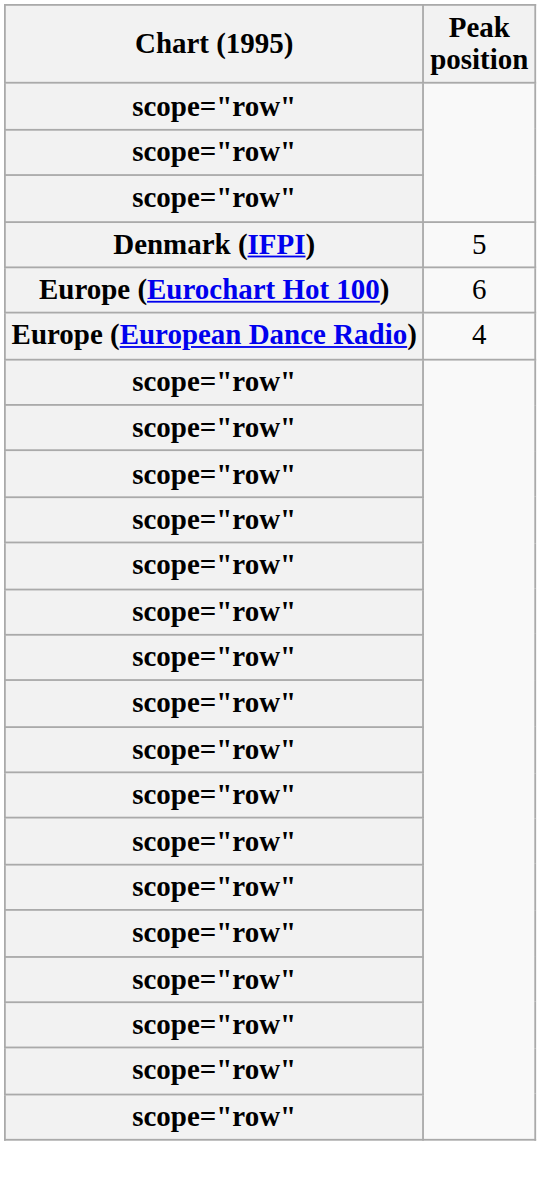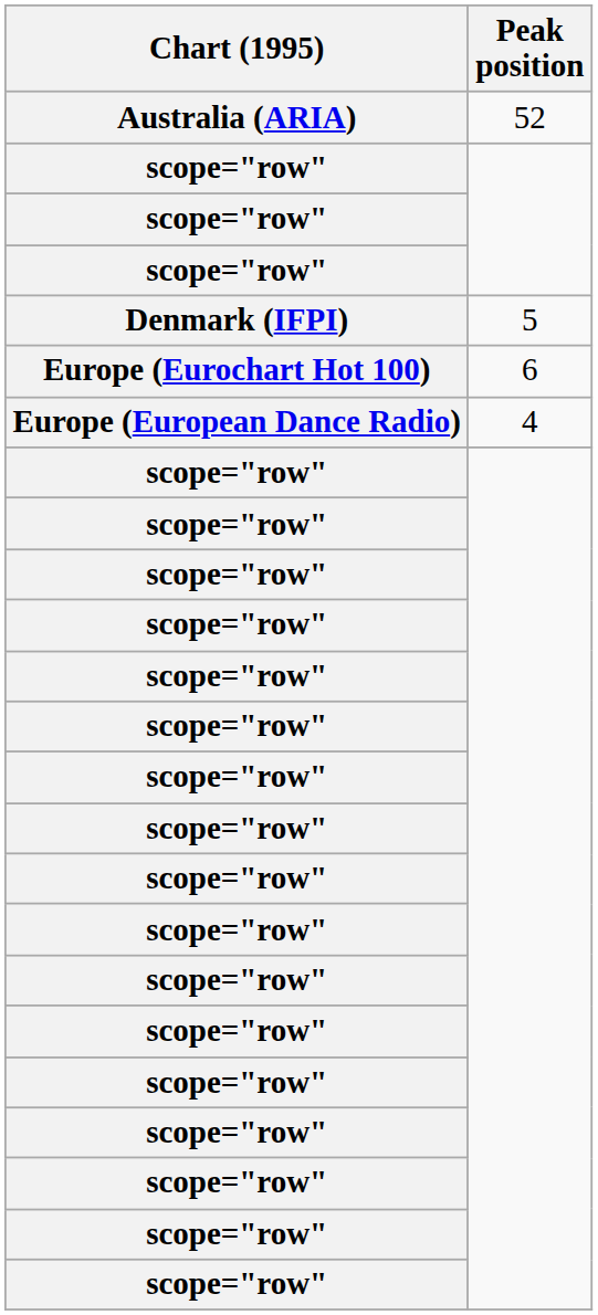 <table class="wikitable sortable plainrowheaders">
 <tr>
 <th>Chart (1995)</th>
 <th>Peak<br>position</th>
+</tr>
+<tr>
+<th scope="row">Australia (<a href='#'>ARIA</a>)</th>
+<td align="center">52</td>
 </tr>
 <tr>
 <th>scope="row" </th>
 </tr>
 <tr>
 <th>scope="row" </th>
 </tr>
 <tr>
 <th>scope="row" </th>
 </tr>
 <tr>
 <th scope="row">Denmark (<a href='#'>IFPI</a>)</th>
 <td align="center">5</td>
 </tr>
 <tr>
 <th scope="row">Europe (<a href='#'>Eurochart Hot 100</a>)</th>
 <td align="center">6</td>
 </tr>
 <tr>
 <th scope="row">Europe (<a href='#'>European Dance Radio</a>)</th>
 <td align="center">4</td>
 </tr>
 <tr>
 <th>scope="row" </th>
 </tr>
 <tr>
 <th>scope="row" </th>
 </tr>
 <tr>
 <th>scope="row" </th>
 </tr>
 <tr>
 <th>scope="row" </th>
 </tr>
 <tr>
 <th>scope="row" </th>
 </tr>
 <tr>
 <th>scope="row" </th>
 </tr>
 <tr>
 <th>scope="row" </th>
 </tr>
 <tr>
 <th>scope="row" </th>
 </tr>
 <tr>
 <th>scope="row" </th>
 </tr>
 <tr>
 <th>scope="row" </th>
 </tr>
 <tr>
 <th>scope="row" </th>
 </tr>
 <tr>
 <th>scope="row" </th>
 </tr>
 <tr>
 <th>scope="row" </th>
 </tr>
 <tr>
 <th>scope="row" </th>
 </tr>
 <tr>
 <th>scope="row" </th>
 </tr>
 <tr>
 <th>scope="row" </th>
 </tr>
 <tr>
 <th>scope="row" </th>
 </tr>
 </table>
